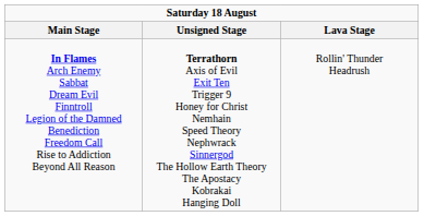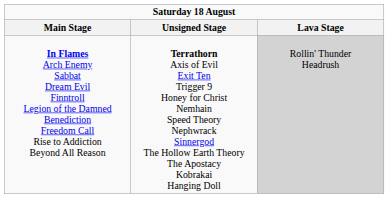 <table class="wikitable">
 <tr>
 <td colspan="3" align="center"><strong>Saturday 18 August</strong></td>
 </tr>
 <tr>
 <th>Main Stage</th>
 <th>Unsigned Stage</th>
 <th>Lava Stage</th>
 </tr>
 <tr>
 <td valign="top" align="center" width=200><br><strong><a href='#'>In Flames</a></strong><br> <a href='#'>Arch Enemy</a><br> <a href='#'>Sabbat</a><br> <a href='#'>Dream Evil</a><br> <a href='#'>Finntroll</a><br> <a href='#'>Legion of the Damned</a><br> <a href='#'>Benediction</a><br> <a href='#'>Freedom Call</a><br> Rise to Addiction<br> Beyond All Reason<br></td>
 <td valign="top" align="center" width=200><br><strong>Terrathorn</strong><br> Axis of Evil<br> <a href='#'>Exit Ten</a><br> Trigger 9<br> Honey for Christ<br> Nemhain<br> Speed Theory<br> Nephwrack<br> <a href='#'>Sinnergod</a><br> The Hollow Earth Theory<br> The Apostacy<br> Kobrakai<br> Hanging Doll<br></td>
-<td valign="top" align="center" width=200><br>Rollin' Thunder<br> Headrush</td>
+<td valign="top" align="center" width=200 style="background: lightgrey;"><br>Rollin' Thunder<br> Headrush</td>
 </tr>
 </table>
